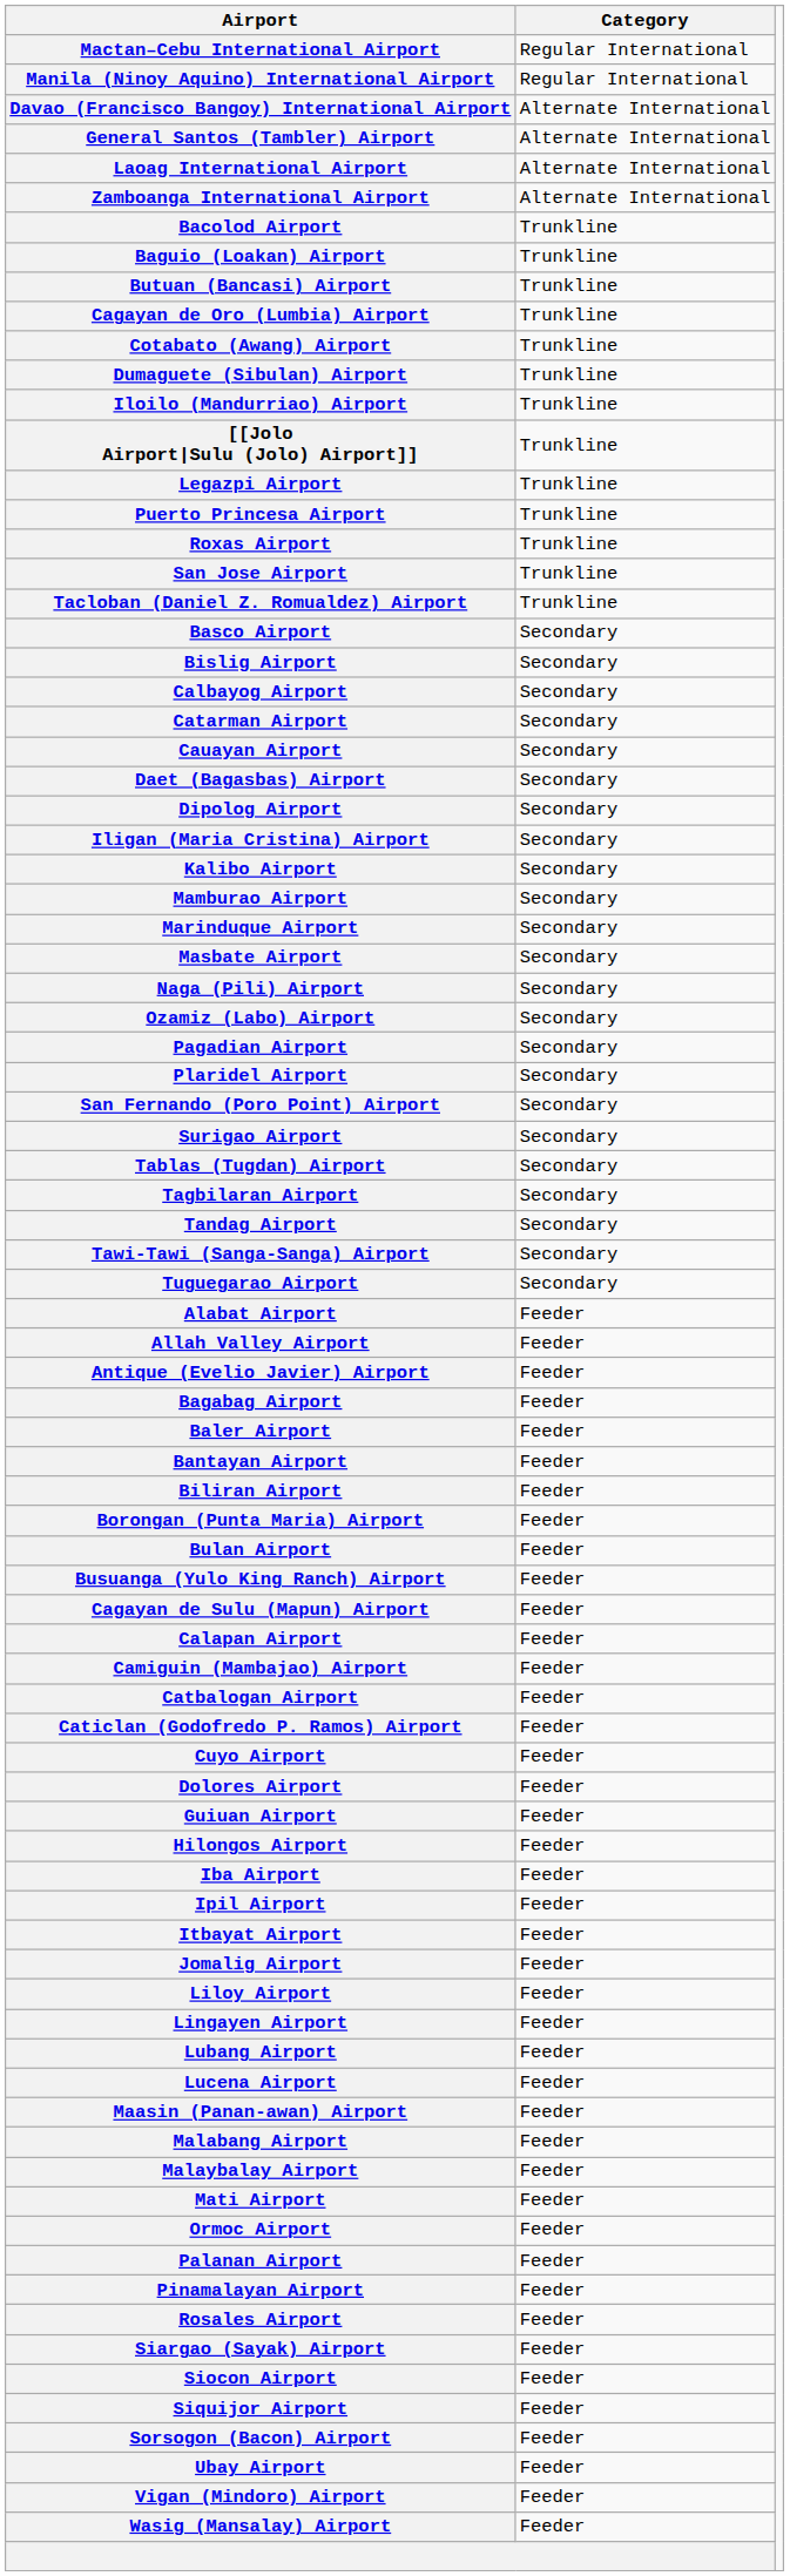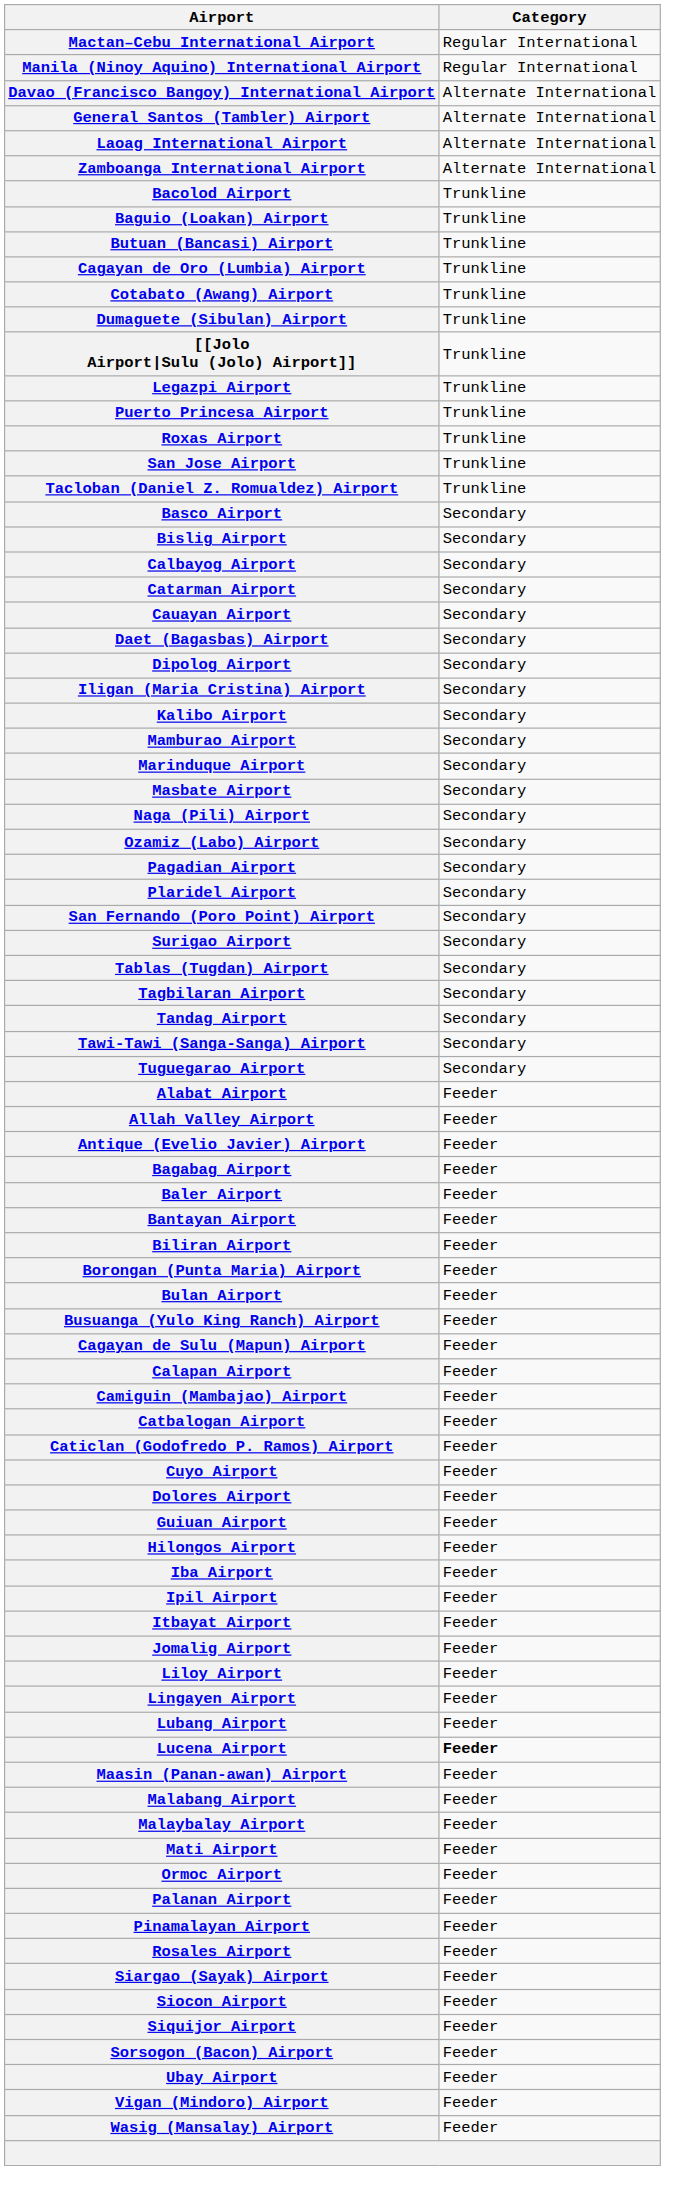 <table class="wikitable sortable collapsible plainrowheaders collapsed toptextcells">
 <tr>
 <th scope="col">Airport</th>
 <th scope="col">Category</th>
 </tr>
 <tr>
 <th scope="row"><a href='#'>Mactan–Cebu International Airport</a></th>
 <td>Regular International</td>
 </tr>
 <tr>
 <th scope="row"><a href='#'>Manila (Ninoy Aquino) International Airport</a></th>
 <td>Regular International</td>
 </tr>
 <tr>
 <th scope="row"><a href='#'>Davao (Francisco Bangoy) International Airport</a></th>
 <td>Alternate International</td>
 </tr>
 <tr>
 <th scope="row"><a href='#'>General Santos (Tambler) Airport</a></th>
 <td>Alternate International</td>
 </tr>
 <tr>
 <th scope="row"><a href='#'>Laoag International Airport</a></th>
 <td>Alternate International</td>
 </tr>
 <tr>
 <th scope="row"><a href='#'>Zamboanga International Airport</a></th>
 <td>Alternate International</td>
 </tr>
 <tr>
 <th scope="row"><a href='#'>Bacolod Airport</a></th>
 <td>Trunkline</td>
 </tr>
 <tr>
 <th scope="row"><a href='#'>Baguio (Loakan) Airport</a></th>
 <td>Trunkline</td>
 </tr>
 <tr>
 <th scope="row"><a href='#'>Butuan (Bancasi) Airport</a></th>
 <td>Trunkline</td>
 </tr>
 <tr>
 <th scope="row"><a href='#'>Cagayan de Oro (Lumbia) Airport</a></th>
 <td>Trunkline</td>
 </tr>
 <tr>
 <th scope="row"><a href='#'>Cotabato (Awang) Airport</a></th>
 <td>Trunkline</td>
 </tr>
 <tr>
 <th scope="row"><a href='#'>Dumaguete (Sibulan) Airport</a></th>
 <td>Trunkline</td>
-</tr>
-<tr>
-<th scope="row"><a href='#'>Iloilo (Mandurriao) Airport</a></th>
-<td>Trunkline</td>
-<td></td>
 </tr>
 <tr>
 <th scope="row">[[Jolo<br>Airport|Sulu (Jolo)  Airport]]</th>
 <td>Trunkline</td>
 </tr>
 <tr>
 <th scope="row"><a href='#'>Legazpi Airport</a></th>
 <td>Trunkline</td>
 </tr>
 <tr>
 <th scope="row"><a href='#'>Puerto Princesa Airport</a></th>
 <td>Trunkline</td>
 </tr>
 <tr>
 <th scope="row"><a href='#'>Roxas Airport</a></th>
 <td>Trunkline</td>
 </tr>
 <tr>
 <th scope="row"><a href='#'>San Jose Airport</a></th>
 <td>Trunkline</td>
 </tr>
 <tr>
 <th scope="row"><a href='#'>Tacloban (Daniel Z. Romualdez) Airport</a></th>
 <td>Trunkline</td>
 </tr>
 <tr>
 <th scope="row"><a href='#'>Basco Airport</a></th>
 <td>Secondary</td>
 </tr>
 <tr>
 <th scope="row"><a href='#'>Bislig Airport</a></th>
 <td>Secondary</td>
 </tr>
 <tr>
 <th scope="row"><a href='#'>Calbayog Airport</a></th>
 <td>Secondary</td>
 </tr>
 <tr>
 <th scope="row"><a href='#'>Catarman Airport</a></th>
 <td>Secondary</td>
 </tr>
 <tr>
 <th scope="row"><a href='#'>Cauayan Airport</a></th>
 <td>Secondary</td>
 </tr>
 <tr>
 <th scope="row"><a href='#'>Daet (Bagasbas) Airport</a></th>
 <td>Secondary</td>
 </tr>
 <tr>
 <th scope="row"><a href='#'>Dipolog Airport</a></th>
 <td>Secondary</td>
 </tr>
 <tr>
 <th scope="row"><a href='#'>Iligan (Maria Cristina) Airport</a></th>
 <td>Secondary</td>
 </tr>
 <tr>
 <th scope="row"><a href='#'>Kalibo Airport</a></th>
 <td>Secondary</td>
 </tr>
 <tr>
 <th scope="row"><a href='#'>Mamburao Airport</a></th>
 <td>Secondary</td>
 </tr>
 <tr>
 <th scope="row"><a href='#'>Marinduque Airport</a></th>
 <td>Secondary</td>
 </tr>
 <tr>
 <th scope="row"><a href='#'>Masbate Airport</a></th>
 <td>Secondary</td>
 </tr>
 <tr>
 <th scope="row"><a href='#'>Naga (Pili) Airport</a></th>
 <td>Secondary</td>
 </tr>
 <tr>
 <th scope="row"><a href='#'>Ozamiz (Labo) Airport</a></th>
 <td>Secondary</td>
 </tr>
 <tr>
 <th scope="row"><a href='#'>Pagadian Airport</a></th>
 <td>Secondary</td>
 </tr>
 <tr>
 <th scope="row"><a href='#'>Plaridel Airport</a></th>
 <td>Secondary</td>
 </tr>
 <tr>
 <th scope="row"><a href='#'>San Fernando (Poro Point) Airport</a></th>
 <td>Secondary</td>
 </tr>
 <tr>
 <th scope="row"><a href='#'>Surigao Airport</a></th>
 <td>Secondary</td>
 </tr>
 <tr>
 <th scope="row"><a href='#'>Tablas (Tugdan) Airport</a></th>
 <td>Secondary</td>
 </tr>
 <tr>
 <th scope="row"><a href='#'>Tagbilaran Airport</a></th>
 <td>Secondary</td>
 </tr>
 <tr>
 <th scope="row"><a href='#'>Tandag Airport</a></th>
 <td>Secondary</td>
 </tr>
 <tr>
 <th scope="row"><a href='#'>Tawi-Tawi (Sanga-Sanga) Airport</a></th>
 <td>Secondary</td>
 </tr>
 <tr>
 <th scope="row"><a href='#'>Tuguegarao Airport</a></th>
 <td>Secondary</td>
 </tr>
 <tr>
 <th scope="row"><a href='#'>Alabat Airport</a></th>
 <td>Feeder</td>
 </tr>
 <tr>
 <th scope="row"><a href='#'>Allah Valley Airport</a></th>
 <td>Feeder</td>
 </tr>
 <tr>
 <th scope="row"><a href='#'>Antique (Evelio Javier) Airport</a></th>
 <td>Feeder</td>
 </tr>
 <tr>
 <th scope="row"><a href='#'>Bagabag Airport</a></th>
 <td>Feeder</td>
 </tr>
 <tr>
 <th scope="row"><a href='#'>Baler Airport</a></th>
 <td>Feeder</td>
 </tr>
 <tr>
 <th scope="row"><a href='#'>Bantayan Airport</a></th>
 <td>Feeder</td>
 </tr>
 <tr>
 <th scope="row"><a href='#'>Biliran Airport</a></th>
 <td>Feeder</td>
 </tr>
 <tr>
 <th scope="row"><a href='#'>Borongan (Punta Maria) Airport</a></th>
 <td>Feeder</td>
 </tr>
 <tr>
 <th scope="row"><a href='#'>Bulan Airport</a></th>
 <td>Feeder</td>
 </tr>
 <tr>
 <th scope="row"><a href='#'>Busuanga (Yulo King Ranch) Airport</a></th>
 <td>Feeder</td>
 </tr>
 <tr>
 <th scope="row"><a href='#'>Cagayan de Sulu (Mapun) Airport</a></th>
 <td>Feeder</td>
 </tr>
 <tr>
 <th scope="row"><a href='#'>Calapan Airport</a></th>
 <td>Feeder</td>
 </tr>
 <tr>
 <th scope="row"><a href='#'>Camiguin (Mambajao) Airport</a></th>
 <td>Feeder</td>
 </tr>
 <tr>
 <th scope="row"><a href='#'>Catbalogan Airport</a></th>
 <td>Feeder</td>
 </tr>
 <tr>
 <th scope="row"><a href='#'>Caticlan (Godofredo P. Ramos) Airport</a></th>
 <td>Feeder</td>
 </tr>
 <tr>
 <th scope="row"><a href='#'>Cuyo Airport</a></th>
 <td>Feeder</td>
 </tr>
 <tr>
 <th scope="row"><a href='#'>Dolores Airport</a></th>
 <td>Feeder</td>
 </tr>
 <tr>
 <th scope="row"><a href='#'>Guiuan Airport</a></th>
 <td>Feeder</td>
 </tr>
 <tr>
 <th scope="row"><a href='#'>Hilongos Airport</a></th>
 <td>Feeder</td>
 </tr>
 <tr>
 <th scope="row"><a href='#'>Iba Airport</a></th>
 <td>Feeder</td>
 </tr>
 <tr>
 <th scope="row"><a href='#'>Ipil Airport</a></th>
 <td>Feeder</td>
 </tr>
 <tr>
 <th scope="row"><a href='#'>Itbayat Airport</a></th>
 <td>Feeder</td>
 </tr>
 <tr>
 <th scope="row"><a href='#'>Jomalig Airport</a></th>
 <td>Feeder</td>
 </tr>
 <tr>
 <th scope="row"><a href='#'>Liloy Airport</a></th>
 <td>Feeder</td>
 </tr>
 <tr>
 <th scope="row"><a href='#'>Lingayen Airport</a></th>
 <td>Feeder</td>
 </tr>
 <tr>
 <th scope="row"><a href='#'>Lubang Airport</a></th>
 <td>Feeder</td>
 </tr>
 <tr>
 <th scope="row"><a href='#'>Lucena Airport</a></th>
-<td>Feeder</td>
+<td><strong>Feeder</strong></td>
 </tr>
 <tr>
 <th scope="row"><a href='#'>Maasin (Panan-awan) Airport</a></th>
 <td>Feeder</td>
 </tr>
 <tr>
 <th scope="row"><a href='#'>Malabang Airport</a></th>
 <td>Feeder</td>
 </tr>
 <tr>
 <th scope="row"><a href='#'>Malaybalay Airport</a></th>
 <td>Feeder</td>
 </tr>
 <tr>
 <th scope="row"><a href='#'>Mati Airport</a></th>
 <td>Feeder</td>
 </tr>
 <tr>
 <th scope="row"><a href='#'>Ormoc Airport</a></th>
 <td>Feeder</td>
 </tr>
 <tr>
 <th scope="row"><a href='#'>Palanan Airport</a></th>
 <td>Feeder</td>
 </tr>
 <tr>
 <th scope="row"><a href='#'>Pinamalayan Airport</a></th>
 <td>Feeder</td>
 </tr>
 <tr>
 <th scope="row"><a href='#'>Rosales Airport</a></th>
 <td>Feeder</td>
 </tr>
 <tr>
 <th scope="row"><a href='#'>Siargao (Sayak) Airport</a></th>
 <td>Feeder</td>
 </tr>
 <tr>
 <th scope="row"><a href='#'>Siocon Airport</a></th>
 <td>Feeder</td>
 </tr>
 <tr>
 <th scope="row"><a href='#'>Siquijor Airport</a></th>
 <td>Feeder</td>
 </tr>
 <tr>
 <th scope="row"><a href='#'>Sorsogon (Bacon) Airport</a></th>
 <td>Feeder</td>
 </tr>
 <tr>
 <th scope="row"><a href='#'>Ubay Airport</a></th>
 <td>Feeder</td>
 </tr>
 <tr>
 <th scope="row"><a href='#'>Vigan (Mindoro) Airport</a></th>
 <td>Feeder</td>
 </tr>
 <tr>
 <th scope="row"><a href='#'>Wasig (Mansalay) Airport</a></th>
 <td>Feeder</td>
 </tr>
 <tr class="sortbottom">
 <th scope="row" colspan="2"><br></th>
 </tr>
 </table>
